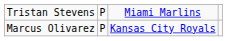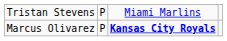 <table class="wikitable">
 <tr align="center">
 <td>Tristan Stevens</td>
 <td>P</td>
 <td><a href='#'>Miami Marlins</a></td>
 <td></td>
 </tr>
 <tr align="center">
 <td>Marcus Olivarez</td>
 <td>P</td>
-<td><a href='#'>Kansas City Royals</a></td>
+<td><strong><a href='#'>Kansas City Royals</a></strong></td>
 <td></td>
 </tr>
 </table>
